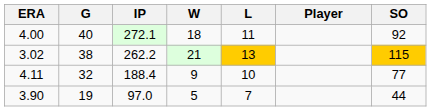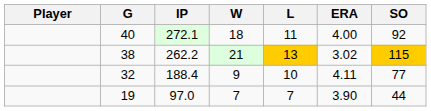 <table class="wikitable sortable">
 <tr>
-<th bgcolor="#DDDDFF" width="9%">ERA</th>
+<th bgcolor="#DDDDFF" width="16%">Player</th>
 <th bgcolor="#DDDDFF" width="9%">G</th>
 <th bgcolor="#DDDDFF" width="9%">IP</th>
 <th bgcolor="#DDDDFF" width="9%">W</th>
 <th bgcolor="#DDDDFF" width="9%">L</th>
-<th bgcolor="#DDDDFF" width="16%">Player</th>
+<th bgcolor="#DDDDFF" width="9%">ERA</th>
 <th bgcolor="#DDDDFF" width="9%">SO</th>
 </tr>
 <tr align="center">
-<td>4.00</td>
+<td></td>
 <td>40</td>
 <td style="background:#DDFFDD;">272.1</td>
 <td>18</td>
 <td>11</td>
-<td></td>
+<td>4.00</td>
 <td>92</td>
 </tr>
 <tr align="center">
-<td>3.02</td>
+<td></td>
 <td>38</td>
 <td>262.2</td>
 <td style="background:#DDFFDD;">21</td>
 <td style="background:#fc0;">13</td>
-<td></td>
+<td>3.02</td>
 <td style="background:#fc0;">115</td>
 </tr>
 <tr align="center">
-<td>4.11</td>
+<td></td>
 <td>32</td>
 <td>188.4</td>
 <td>9</td>
 <td>10</td>
-<td></td>
+<td>4.11</td>
 <td>77</td>
 </tr>
 <tr align="center">
-<td>3.90</td>
+<td></td>
 <td>19</td>
 <td>97.0</td>
-<td>5</td>
 <td>7</td>
-<td></td>
+<td>7</td>
+<td>3.90</td>
 <td>44</td>
 </tr>
 </table>
